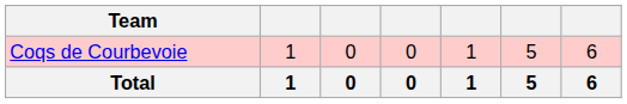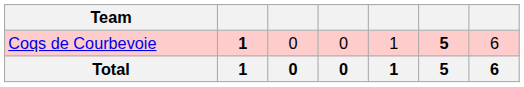 <table class="wikitable" style="font-size:95%; text-align:center">
 <tr>
 <th width=192>Team</th>
 <th width=40></th>
 <th width=40></th>
 <th width=40></th>
 <th width=40></th>
 <th width=40></th>
 <th width=40></th>
 </tr>
 <tr style="background:#ffcccc;">
 <td align=left> <a href='#'>Coqs de Courbevoie</a></td>
-<td>1</td>
+<td><strong>1</strong></td>
 <td>0</td>
 <td>0</td>
 <td>1</td>
-<td>5</td>
+<td><strong>5</strong></td>
 <td>6</td>
 </tr>
 <tr>
 <th>Total</th>
 <th>1</th>
 <th>0</th>
 <th>0</th>
 <th>1</th>
 <th>5</th>
 <th>6</th>
 </tr>
 </table>
